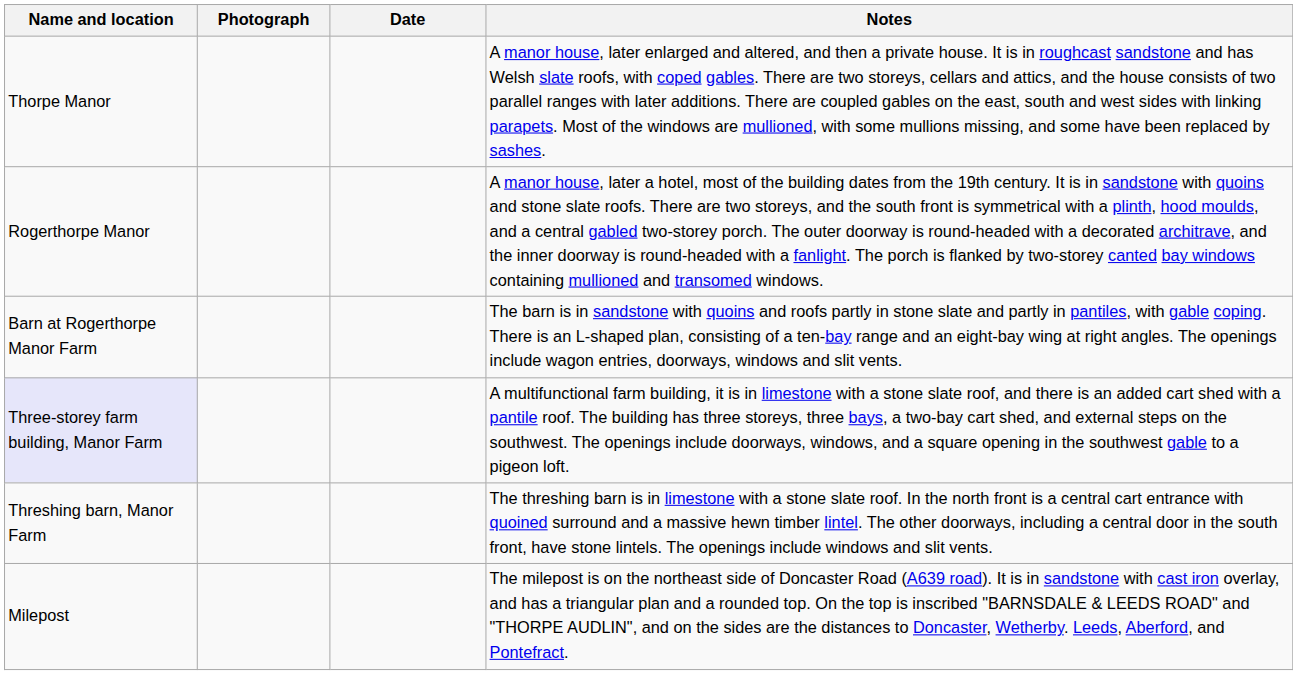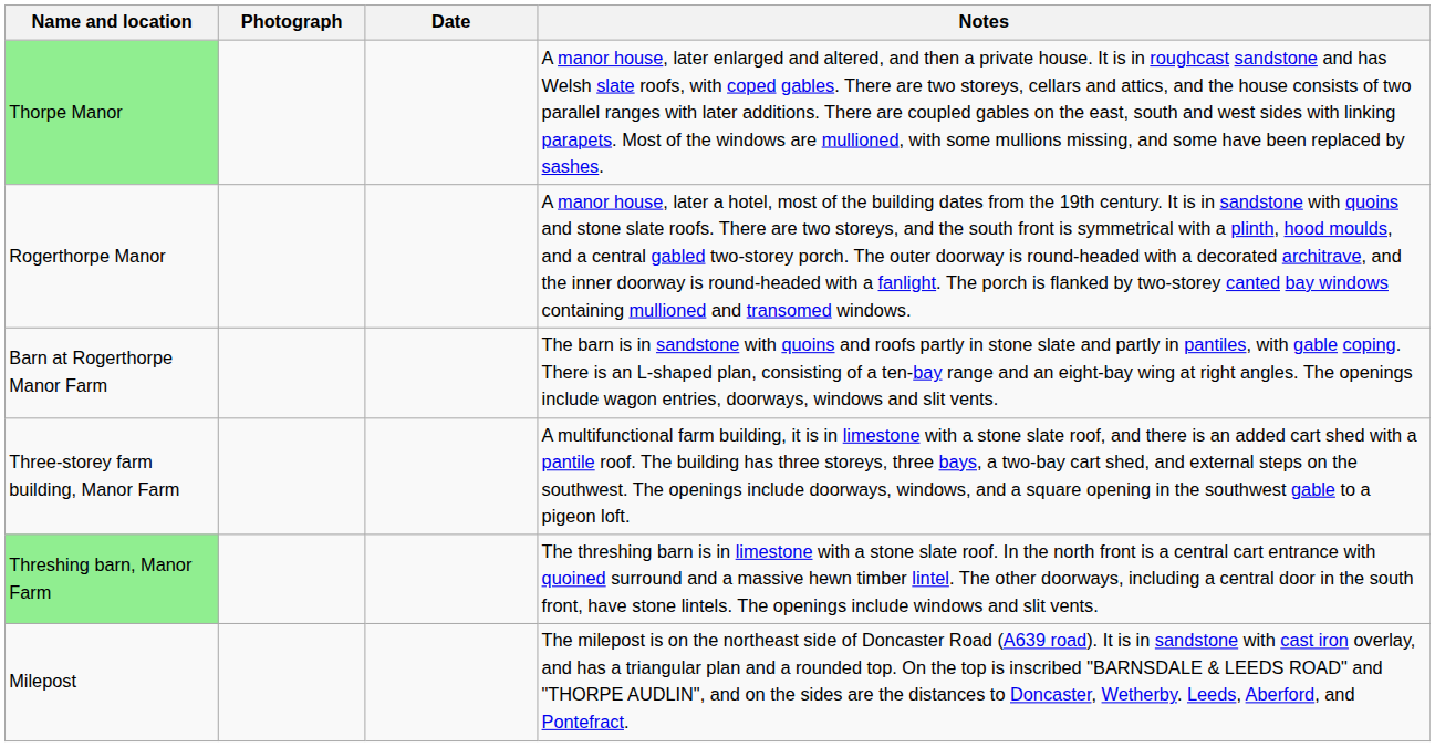 <table class="wikitable sortable plainrowheaders" style="width:100%;border:0px;text-align:left;line-height:150%;">
 <tr>
 <th scope="col"  style="width:150px">Name and location</th>
 <th scope="col"  style="width:100px" class="unsortable">Photograph</th>
 <th scope="col"  style="width:120px">Date</th>
 <th scope="col"  style="width:650px" class="unsortable">Notes</th>
 </tr>
 <tr>
-<td>Thorpe Manor<br><small></small></td>
+<td style="background: lightgreen;">Thorpe Manor<br><small></small></td>
 <td></td>
 <td align="center"></td>
 <td>A <a href='#'>manor house</a>, later enlarged and altered, and then a private house.  It is in <a href='#'>roughcast</a> <a href='#'>sandstone</a> and has Welsh <a href='#'>slate</a> roofs, with <a href='#'>coped</a> <a href='#'>gables</a>.  There are two storeys, cellars and attics, and the house consists of two parallel ranges with later additions.  There are coupled gables on the east, south and west sides with linking <a href='#'>parapets</a>.  Most of the windows are <a href='#'>mullioned</a>, with some mullions missing, and some have been replaced by <a href='#'>sashes</a>.</td>
 </tr>
 <tr>
 <td>Rogerthorpe Manor<br><small></small></td>
 <td></td>
 <td align="center"></td>
 <td>A <a href='#'>manor house</a>, later a hotel, most of the building dates from the 19th century.  It is in <a href='#'>sandstone</a> with <a href='#'>quoins</a> and stone slate roofs.  There are two storeys, and the south front is symmetrical with a <a href='#'>plinth</a>, <a href='#'>hood moulds</a>, and a central <a href='#'>gabled</a> two-storey porch.  The outer doorway is round-headed with a decorated <a href='#'>architrave</a>, and the inner doorway is round-headed with a <a href='#'>fanlight</a>.  The porch is flanked by two-storey <a href='#'>canted</a> <a href='#'>bay windows</a> containing <a href='#'>mullioned</a> and <a href='#'>transomed</a> windows.</td>
 </tr>
 <tr>
 <td>Barn at Rogerthorpe Manor Farm<br><small></small></td>
 <td></td>
 <td align="center"></td>
 <td>The barn is in <a href='#'>sandstone</a> with <a href='#'>quoins</a> and roofs partly in stone slate and partly in <a href='#'>pantiles</a>, with <a href='#'>gable</a> <a href='#'>coping</a>.  There is an L-shaped plan, consisting of a ten-<a href='#'>bay</a> range and an eight-bay wing at right angles.  The openings include wagon entries, doorways, windows and slit vents.</td>
 </tr>
 <tr>
-<td style="background: lavender;">Three-storey farm building, Manor Farm<br><small></small></td>
+<td>Three-storey farm building, Manor Farm<br><small></small></td>
 <td></td>
 <td align="center"></td>
 <td>A multifunctional farm building, it is in <a href='#'>limestone</a> with a stone slate roof, and there is an added cart shed with a <a href='#'>pantile</a> roof.  The building has three storeys, three <a href='#'>bays</a>, a two-bay cart shed, and external steps on the southwest.  The openings include doorways, windows, and a square opening in the southwest <a href='#'>gable</a> to a pigeon loft.</td>
 </tr>
 <tr>
-<td>Threshing barn, Manor Farm<br><small></small></td>
+<td style="background: lightgreen;">Threshing barn, Manor Farm<br><small></small></td>
 <td></td>
 <td align="center"></td>
 <td>The threshing barn is in <a href='#'>limestone</a> with a stone slate roof.  In the north front is a central cart entrance with <a href='#'>quoined</a> surround and a massive hewn timber <a href='#'>lintel</a>.  The other doorways, including a central door in the south front, have stone lintels.  The openings include windows and slit vents.</td>
 </tr>
 <tr>
 <td>Milepost<br><small></small></td>
 <td></td>
 <td align="center"></td>
 <td>The milepost is on the northeast side of Doncaster Road (<a href='#'>A639 road</a>).  It is in <a href='#'>sandstone</a> with <a href='#'>cast iron</a> overlay, and has a triangular plan and a rounded top.  On the top is inscribed "BARNSDALE & LEEDS ROAD" and  "THORPE AUDLIN", and on the sides are the distances to <a href='#'>Doncaster</a>, <a href='#'>Wetherby</a>. <a href='#'>Leeds</a>, <a href='#'>Aberford</a>, and <a href='#'>Pontefract</a>.</td>
 </tr>
 <tr>
 </tr>
 </table>
